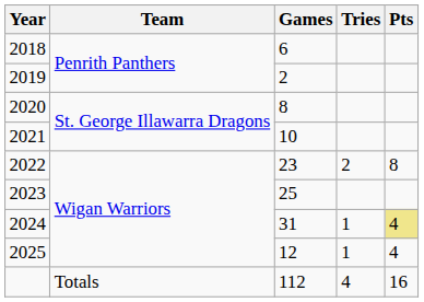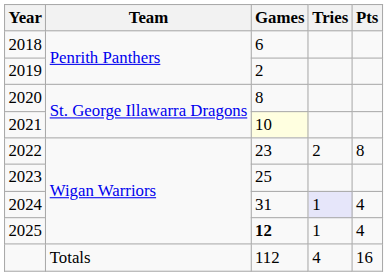 <table class="wikitable">
 <tr>
 <th>Year</th>
 <th>Team</th>
 <th>Games</th>
 <th>Tries</th>
 <th>Pts</th>
 </tr>
 <tr>
 <td>2018</td>
 <td rowspan="2"> <a href='#'>Penrith Panthers</a></td>
 <td>6</td>
 <td></td>
 <td></td>
 </tr>
 <tr>
 <td>2019</td>
 <td>2</td>
 <td></td>
 <td></td>
 </tr>
 <tr>
 <td>2020</td>
 <td rowspan="2"> <a href='#'>St. George Illawarra Dragons</a></td>
 <td>8</td>
 <td></td>
 <td></td>
 </tr>
 <tr>
 <td>2021</td>
-<td>10</td>
+<td style="background: lightyellow;">10</td>
 <td></td>
 <td></td>
 </tr>
 <tr>
 <td>2022</td>
 <td rowspan="4"> <a href='#'>Wigan Warriors</a></td>
 <td>23</td>
 <td>2</td>
 <td>8</td>
 </tr>
 <tr>
 <td>2023</td>
 <td>25</td>
 <td></td>
 <td></td>
 </tr>
 <tr>
 <td>2024</td>
 <td>31</td>
-<td>1</td>
-<td style="background: khaki;">4</td>
+<td style="background: lavender;">1</td>
+<td>4</td>
 </tr>
 <tr>
 <td>2025</td>
-<td>12</td>
+<td><strong>12</strong></td>
 <td>1</td>
 <td>4</td>
 </tr>
 <tr>
 <td></td>
 <td>Totals</td>
 <td>112</td>
 <td>4</td>
 <td>16</td>
 </tr>
 </table>
